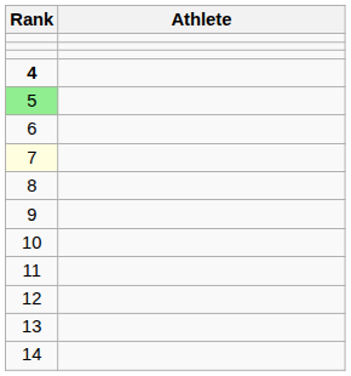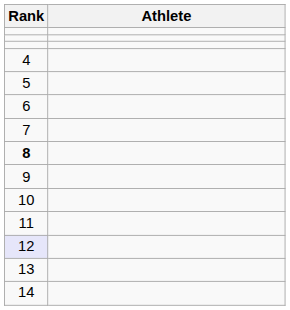 <table class="wikitable" style="text-align: center;">
 <tr>
 <th width=40>Rank</th>
 <th width=250>Athlete</th>
 </tr>
 <tr>
 <td></td>
 <td align="left"></td>
 </tr>
 <tr>
 <td></td>
 <td align="left"></td>
 </tr>
 <tr>
 <td></td>
 <td align="left"></td>
 </tr>
 <tr>
-<td><strong>4</strong></td>
+<td>4</td>
 <td align="left"></td>
 </tr>
 <tr>
-<td style="background: lightgreen;">5</td>
+<td>5</td>
 <td align="left"></td>
 </tr>
 <tr>
 <td>6</td>
 <td align="left"></td>
 </tr>
 <tr>
-<td style="background: lightyellow;">7</td>
+<td>7</td>
 <td align="left"></td>
 </tr>
 <tr>
-<td>8</td>
+<td><strong>8</strong></td>
 <td align="left"></td>
 </tr>
 <tr>
 <td>9</td>
 <td align="left"></td>
 </tr>
 <tr>
 <td>10</td>
 <td align="left"></td>
 </tr>
 <tr>
 <td>11</td>
 <td align="left"></td>
 </tr>
 <tr>
-<td>12</td>
+<td style="background: lavender;">12</td>
 <td align="left"></td>
 </tr>
 <tr>
 <td>13</td>
 <td align="left"></td>
 </tr>
 <tr>
 <td>14</td>
 <td align="left"></td>
 </tr>
 </table>
